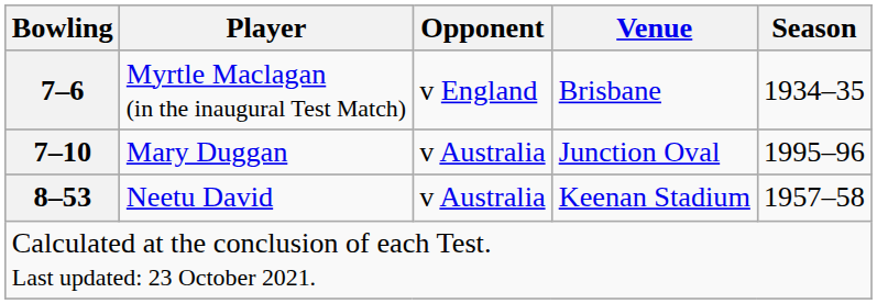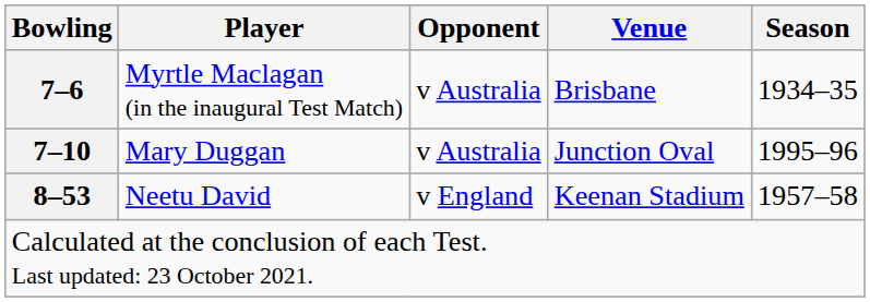 <table class="wikitable">
 <tr>
 <th>Bowling</th>
 <th>Player</th>
 <th>Opponent</th>
 <th><a href='#'>Venue</a></th>
 <th>Season</th>
 </tr>
 <tr>
 <th>7–6</th>
 <td> <a href='#'>Myrtle Maclagan</a><br><small>(in the inaugural Test Match)</small></td>
-<td>v <a href='#'>England</a></td>
+<td>v <a href='#'>Australia</a></td>
 <td><a href='#'>Brisbane</a></td>
 <td>1934–35</td>
 </tr>
 <tr>
 <th>7–10</th>
 <td> <a href='#'>Mary Duggan</a></td>
 <td>v <a href='#'>Australia</a></td>
 <td><a href='#'>Junction Oval</a></td>
 <td>1995–96</td>
 </tr>
 <tr>
 <th>8–53</th>
 <td> <a href='#'>Neetu David</a></td>
-<td>v <a href='#'>Australia</a></td>
+<td>v <a href='#'>England</a></td>
 <td><a href='#'>Keenan Stadium</a></td>
 <td>1957–58</td>
 </tr>
 <tr>
 <td colspan=6>Calculated at the conclusion of each Test.<br><small> Last updated: 23 October 2021.</small></td>
 </tr>
 </table>
